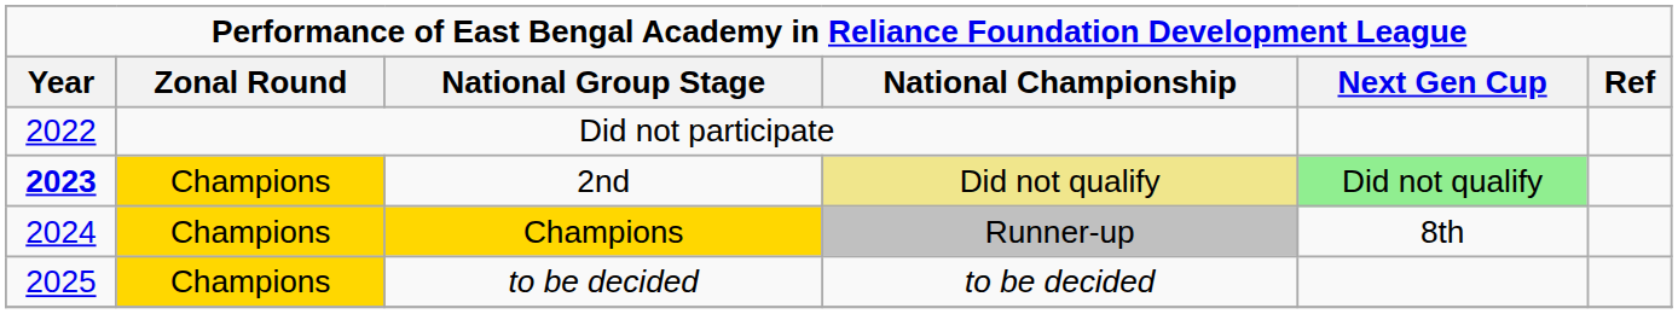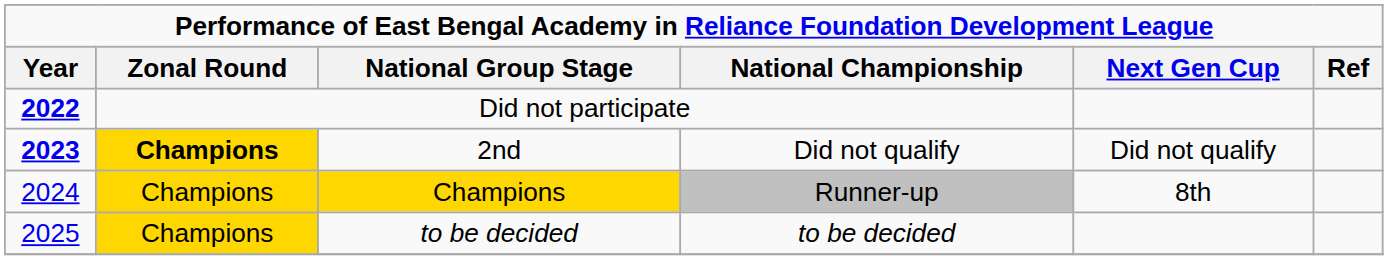 <table class="wikitable sortable" style="text-align:center; font-size:90%; width:60%;">
 <tr>
 <td colspan="14"><strong>Performance of East Bengal Academy in <a href='#'>Reliance Foundation Development League</a></strong></td>
 </tr>
 <tr>
 <th style="text-align:center; width:"5%";">Year</th>
 <th style="text-align:center; width:"15%";">Zonal Round</th>
 <th style="text-align:center; width:"15%";">National Group Stage</th>
 <th style="text-align:center; width:"15%";">National Championship</th>
 <th style="text-align:center; width:"15%";"><a href='#'>Next Gen Cup</a></th>
 <th style="text-align:center; width:"5%";">Ref</th>
 </tr>
 <tr>
-<td><a href='#'>2022</a></td>
+<td><strong><a href='#'>2022</a></strong></td>
 <td colspan=3>Did not participate</td>
 <td></td>
 <td></td>
 </tr>
 <tr>
 <td><strong><a href='#'>2023</a></strong></td>
-<td bgcolor=gold>Champions</td>
+<td bgcolor=gold><strong>Champions</strong></td>
 <td>2nd</td>
-<td style="background: khaki;">Did not qualify</td>
-<td style="background: lightgreen;">Did not qualify</td>
+<td>Did not qualify</td>
+<td>Did not qualify</td>
 <td></td>
 </tr>
 <tr>
 <td><a href='#'>2024</a></td>
 <td bgcolor=gold>Champions</td>
 <td bgcolor=gold>Champions</td>
 <td bgcolor=silver>Runner-up</td>
 <td>8th</td>
 <td></td>
 </tr>
 <tr>
 <td><a href='#'>2025</a></td>
 <td bgcolor=gold>Champions</td>
 <td><em>to be decided</em></td>
 <td><em>to be decided</em></td>
 <td></td>
 <td></td>
 </tr>
 <tr>
 </tr>
 </table>
